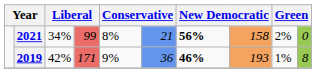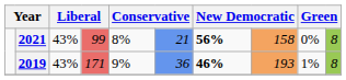 <table class="wikitable" style="float:right; width:400; font-size:90%; margin-left:1em;">
 <tr>
 <th colspan="2" scope="col">Year</th>
 <th colspan="2" scope="col"><a href='#'>Liberal</a></th>
 <th colspan="2" scope="col"><a href='#'>Conservative</a></th>
 <th colspan="2" scope="col"><a href='#'>New Democratic</a></th>
 <th colspan="2" scope="col"><a href='#'>Green</a></th>
 </tr>
 <tr>
 <td rowspan="2" style="width: 0.25em; background-color: "></td>
 <th><a href='#'>2021</a></th>
-<td>34%</td>
+<td>43%</td>
 <td style="text-align:right; background:#EA6D6A;"><em>99</em></td>
 <td>8%</td>
 <td style="text-align:right; background:#6495ED;"><em>21</em></td>
 <td><strong>56%</strong></td>
 <td style="text-align:right; background:#F4A460;"><em>158</em></td>
-<td>2%</td>
-<td style="text-align:right; background:#99C955;"><em>0</em></td>
+<td>0%</td>
+<td style="text-align:right; background:#99C955;"><em>8</em></td>
 </tr>
 <tr>
 <th><a href='#'>2019</a></th>
-<td>42%</td>
+<td>43%</td>
 <td style="text-align:right; background:#EA6D6A;"><em>171</em></td>
 <td>9%</td>
 <td style="text-align:right; background:#6495ED;"><em>36</em></td>
 <td><strong>46%</strong></td>
 <td style="text-align:right; background:#F4A460;"><em>193</em></td>
 <td>1%</td>
 <td style="text-align:right; background:#99C955;"><em>8</em></td>
 </tr>
 <tr>
 </tr>
 </table>
